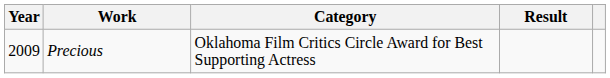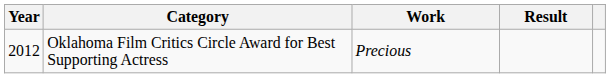 <table class="wikitable">
 <tr>
 <th scope="col" style="width:1em;">Year</th>
+<th scope="col" style="width:44em;">Category</th>
 <th scope="col" style="width:18em;">Work</th>
-<th scope="col" style="width:44em;">Category</th>
 <th scope="col" style="width:10em;">Result</th>
 <th class="unsortable" style="width:1em;"></th>
 </tr>
 <tr>
-<td>2009</td>
+<td>2012</td>
+<td>Oklahoma Film Critics Circle Award for Best Supporting Actress</td>
 <td><em>Precious</em></td>
-<td>Oklahoma Film Critics Circle Award for Best Supporting Actress</td>
 <td></td>
 <td></td>
 </tr>
 </table>
